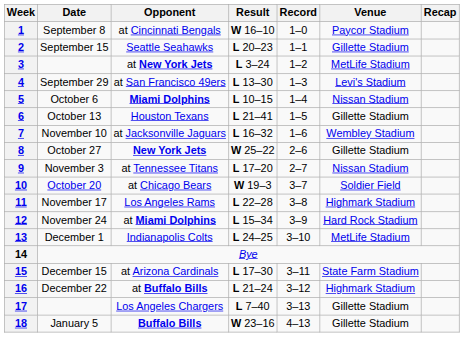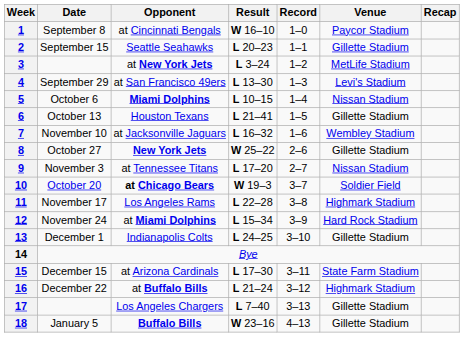 <table class="wikitable" style="text-align:center">
 <tr>
 <th>Week</th>
 <th>Date</th>
 <th>Opponent</th>
 <th>Result</th>
 <th>Record</th>
 <th>Venue</th>
 <th>Recap</th>
 </tr>
 <tr>
 <th><a href='#'>1</a></th>
 <td>September 8</td>
 <td>at <a href='#'>Cincinnati Bengals</a></td>
 <td><strong>W</strong> 16–10</td>
 <td>1–0</td>
 <td><a href='#'>Paycor Stadium</a></td>
 <td></td>
 </tr>
 <tr>
 <th><a href='#'>2</a></th>
 <td>September 15</td>
 <td><a href='#'>Seattle Seahawks</a></td>
 <td><strong>L</strong> 20–23 </td>
 <td>1–1</td>
 <td><a href='#'>Gillette Stadium</a></td>
 <td></td>
 </tr>
 <tr>
 <th><a href='#'>3</a></th>
 <td></td>
 <td>at <strong><a href='#'>New York Jets</a></strong></td>
 <td><strong>L</strong> 3–24</td>
 <td>1–2</td>
 <td><a href='#'>MetLife Stadium</a></td>
 <td></td>
 </tr>
 <tr>
 <th><a href='#'>4</a></th>
 <td>September 29</td>
 <td>at <a href='#'>San Francisco 49ers</a></td>
 <td><strong>L</strong> 13–30</td>
 <td>1–3</td>
 <td><a href='#'>Levi's Stadium</a></td>
 <td></td>
 </tr>
 <tr>
 <th><a href='#'>5</a></th>
 <td>October 6</td>
 <td><strong><a href='#'>Miami Dolphins</a></strong></td>
 <td><strong>L</strong> 10–15</td>
 <td>1–4</td>
 <td><a href='#'>Nissan Stadium</a></td>
 <td></td>
 </tr>
 <tr>
 <th><a href='#'>6</a></th>
 <td>October 13</td>
 <td><a href='#'>Houston Texans</a></td>
 <td><strong>L</strong> 21–41</td>
 <td>1–5</td>
 <td>Gillette Stadium</td>
 <td></td>
 </tr>
 <tr>
 <th><a href='#'>7</a></th>
 <td>November 10</td>
 <td>at <a href='#'>Jacksonville Jaguars</a></td>
 <td><strong>L</strong> 16–32</td>
 <td>1–6</td>
 <td> <a href='#'>Wembley Stadium</a> </td>
 <td></td>
 </tr>
 <tr>
 <th><a href='#'>8</a></th>
 <td>October 27</td>
 <td><strong><a href='#'>New York Jets</a></strong></td>
 <td><strong>W</strong> 25–22</td>
 <td>2–6</td>
 <td>Gillette Stadium</td>
 <td></td>
 </tr>
 <tr>
 <th><a href='#'>9</a></th>
 <td>November 3</td>
 <td>at <a href='#'>Tennessee Titans</a></td>
 <td><strong>L</strong> 17–20 </td>
 <td>2–7</td>
 <td><a href='#'>Nissan Stadium</a></td>
 <td></td>
 </tr>
 <tr>
 <th><a href='#'>10</a></th>
 <td><a href='#'>October 20</a></td>
-<td>at <a href='#'>Chicago Bears</a></td>
+<td><strong>at <a href='#'>Chicago Bears</a></strong></td>
 <td><strong>W</strong> 19–3</td>
 <td>3–7</td>
 <td><a href='#'>Soldier Field</a></td>
 <td></td>
 </tr>
 <tr>
 <th><a href='#'>11</a></th>
 <td>November 17</td>
 <td><a href='#'>Los Angeles Rams</a></td>
 <td><strong>L</strong> 22–28</td>
 <td>3–8</td>
 <td><a href='#'>Highmark Stadium</a></td>
 <td></td>
 </tr>
 <tr>
 <th><a href='#'>12</a></th>
 <td>November 24</td>
 <td>at <strong><a href='#'>Miami Dolphins</a></strong></td>
 <td><strong>L</strong> 15–34</td>
 <td>3–9</td>
 <td><a href='#'>Hard Rock Stadium</a></td>
 <td></td>
 </tr>
 <tr>
 <th><a href='#'>13</a></th>
 <td>December 1</td>
 <td><a href='#'>Indianapolis Colts</a></td>
 <td><strong>L</strong> 24–25</td>
 <td>3–10</td>
-<td><a href='#'>MetLife Stadium</a></td>
+<td>Gillette Stadium</td>
 <td></td>
 </tr>
 <tr>
 <th>14</th>
 <td colspan=8><em><a href='#'>Bye</a></em></td>
 </tr>
 <tr>
 <th><a href='#'>15</a></th>
 <td>December 15</td>
 <td>at <a href='#'>Arizona Cardinals</a></td>
 <td><strong>L</strong> 17–30</td>
 <td>3–11</td>
 <td><a href='#'>State Farm Stadium</a></td>
 <td></td>
 </tr>
 <tr>
 <th><a href='#'>16</a></th>
 <td>December 22</td>
 <td>at <strong><a href='#'>Buffalo Bills</a></strong></td>
 <td><strong>L</strong> 21–24</td>
 <td>3–12</td>
 <td><a href='#'>Highmark Stadium</a></td>
 <td></td>
 </tr>
 <tr>
 <th><a href='#'>17</a></th>
 <td></td>
 <td><a href='#'>Los Angeles Chargers</a></td>
 <td><strong>L</strong> 7–40</td>
 <td>3–13</td>
 <td>Gillette Stadium</td>
 <td></td>
 </tr>
 <tr>
 <th><a href='#'>18</a></th>
 <td>January 5</td>
 <td><strong><a href='#'>Buffalo Bills</a></strong></td>
 <td><strong>W</strong> 23–16</td>
 <td>4–13</td>
 <td>Gillette Stadium</td>
 <td></td>
 </tr>
 </table>
